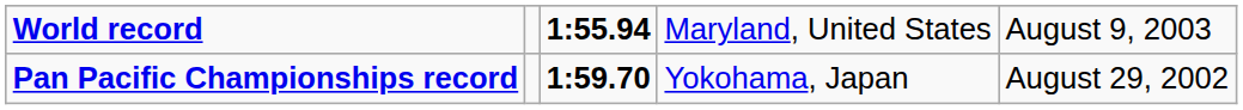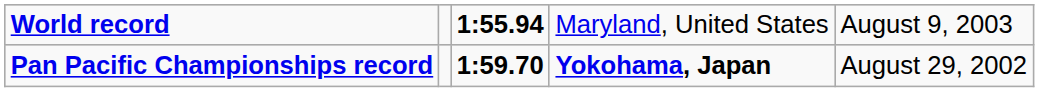 <table class="wikitable">
 <tr>
 <td><strong><a href='#'>World record</a></strong></td>
 <td></td>
 <td><strong>1:55.94</strong></td>
 <td><a href='#'>Maryland</a>, United States</td>
 <td>August 9, 2003</td>
 </tr>
 <tr>
 <td><strong><a href='#'>Pan Pacific Championships record</a></strong></td>
 <td></td>
 <td><strong>1:59.70</strong></td>
-<td><a href='#'>Yokohama</a>, Japan</td>
+<td><strong><a href='#'>Yokohama</a>, Japan</strong></td>
 <td>August 29, 2002</td>
 </tr>
 </table>
